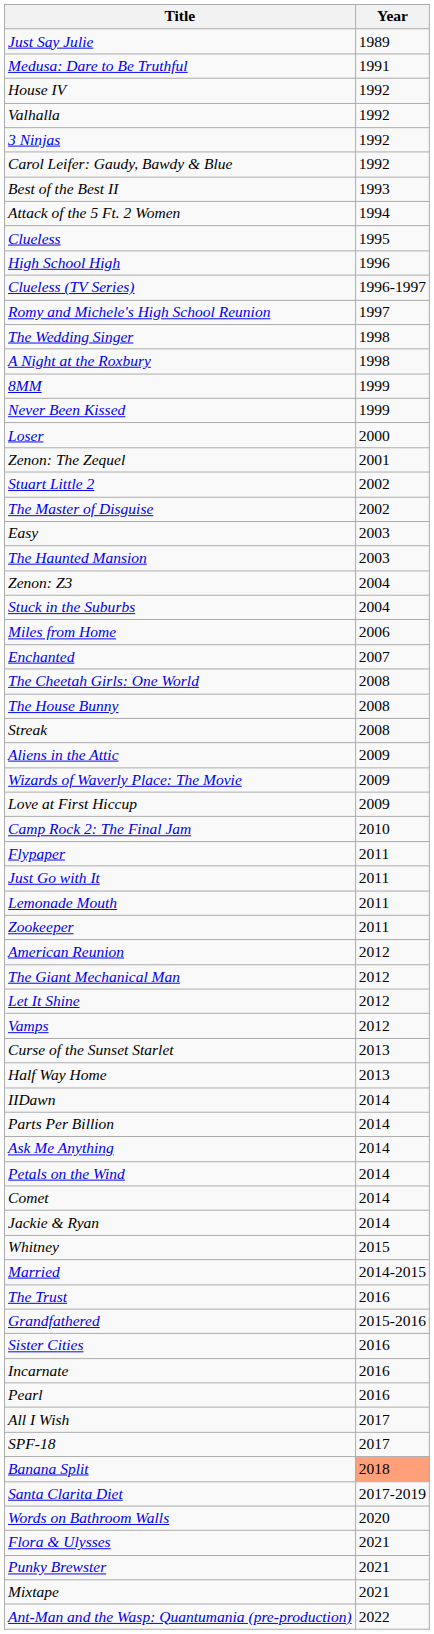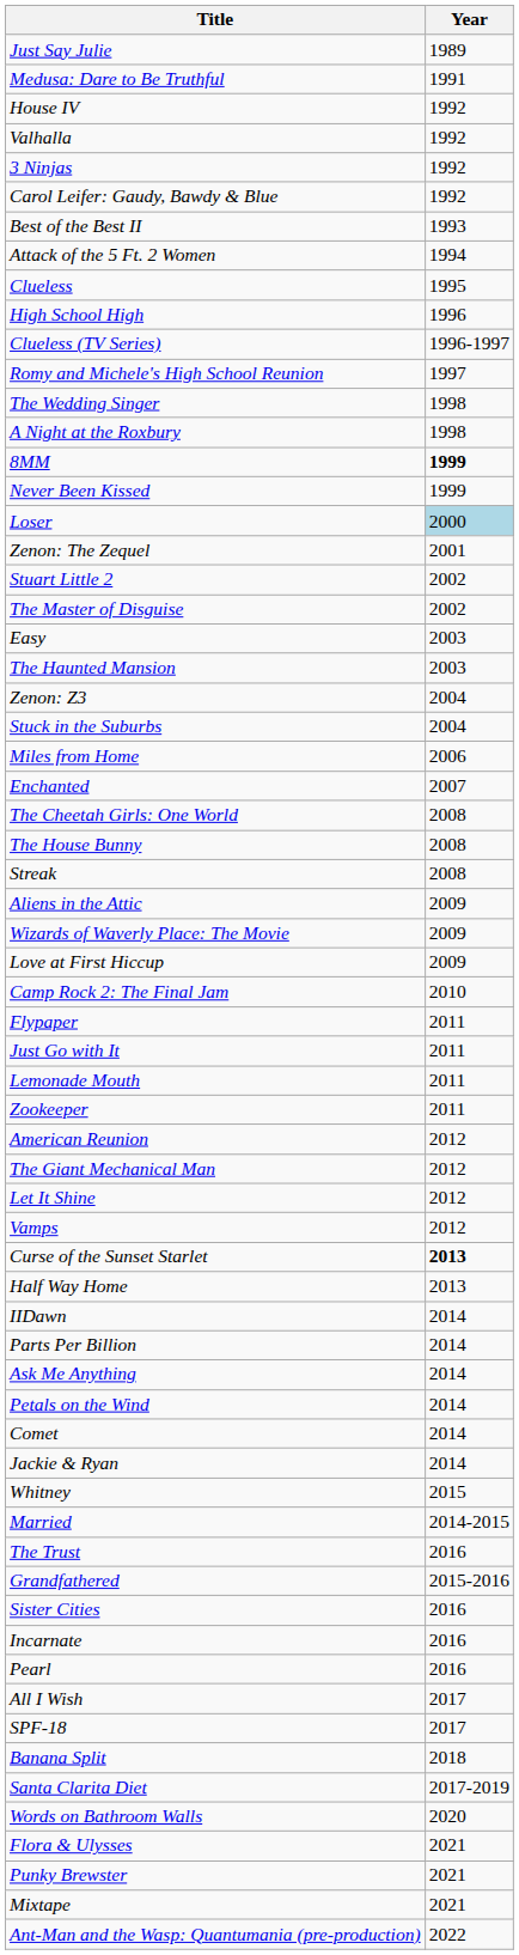 <table class="wikitable">
 <tr>
 <th>Title</th>
 <th>Year</th>
 </tr>
 <tr>
 <td><em><a href='#'>Just Say Julie</a></em></td>
 <td>1989</td>
 </tr>
 <tr>
 <td><em><a href='#'>Medusa: Dare to Be Truthful</a></em></td>
 <td>1991</td>
 </tr>
 <tr>
 <td><em>House IV</em></td>
 <td>1992</td>
 </tr>
 <tr>
 <td><em>Valhalla</em></td>
 <td>1992</td>
 </tr>
 <tr>
 <td><em><a href='#'>3 Ninjas</a></em></td>
 <td>1992</td>
 </tr>
 <tr>
 <td><em>Carol Leifer: Gaudy, Bawdy & Blue</em></td>
 <td>1992</td>
 </tr>
 <tr>
 <td><em>Best of the Best II</em></td>
 <td>1993</td>
 </tr>
 <tr>
 <td><em>Attack of the 5 Ft. 2 Women</em></td>
 <td>1994</td>
 </tr>
 <tr>
 <td><em><a href='#'>Clueless</a></em></td>
 <td>1995</td>
 </tr>
 <tr>
 <td><em><a href='#'>High School High</a></em></td>
 <td>1996</td>
 </tr>
 <tr>
 <td><em><a href='#'>Clueless (TV Series)</a></em></td>
 <td>1996-1997</td>
 </tr>
 <tr>
 <td><em><a href='#'>Romy and Michele's High School Reunion</a></em></td>
 <td>1997</td>
 </tr>
 <tr>
 <td><em><a href='#'>The Wedding Singer</a></em></td>
 <td>1998</td>
 </tr>
 <tr>
 <td><em><a href='#'>A Night at the Roxbury</a></em></td>
 <td>1998</td>
 </tr>
 <tr>
 <td><em><a href='#'>8MM</a></em></td>
-<td>1999</td>
+<td><strong>1999</strong></td>
 </tr>
 <tr>
 <td><em><a href='#'>Never Been Kissed</a></em></td>
 <td>1999</td>
 </tr>
 <tr>
 <td><em><a href='#'>Loser</a></em></td>
-<td>2000</td>
+<td style="background: lightblue;">2000</td>
 </tr>
 <tr>
 <td><em>Zenon: The Zequel</em></td>
 <td>2001</td>
 </tr>
 <tr>
 <td><em><a href='#'>Stuart Little 2</a></em></td>
 <td>2002</td>
 </tr>
 <tr>
 <td><em><a href='#'>The Master of Disguise</a></em></td>
 <td>2002</td>
 </tr>
 <tr>
 <td><em>Easy</em></td>
 <td>2003</td>
 </tr>
 <tr>
 <td><em><a href='#'>The Haunted Mansion</a></em></td>
 <td>2003</td>
 </tr>
 <tr>
 <td><em>Zenon: Z3</em></td>
 <td>2004</td>
 </tr>
 <tr>
 <td><em><a href='#'>Stuck in the Suburbs</a></em></td>
 <td>2004</td>
 </tr>
 <tr>
 <td><em><a href='#'>Miles from Home</a></em></td>
 <td>2006</td>
 </tr>
 <tr>
 <td><em><a href='#'>Enchanted</a></em></td>
 <td>2007</td>
 </tr>
 <tr>
 <td><em><a href='#'>The Cheetah Girls: One World</a></em></td>
 <td>2008</td>
 </tr>
 <tr>
 <td><em><a href='#'>The House Bunny</a></em></td>
 <td>2008</td>
 </tr>
 <tr>
 <td><em>Streak</em></td>
 <td>2008</td>
 </tr>
 <tr>
 <td><em><a href='#'>Aliens in the Attic</a></em></td>
 <td>2009</td>
 </tr>
 <tr>
 <td><em><a href='#'>Wizards of Waverly Place: The Movie</a></em></td>
 <td>2009</td>
 </tr>
 <tr>
 <td><em>Love at First Hiccup</em></td>
 <td>2009</td>
 </tr>
 <tr>
 <td><em><a href='#'>Camp Rock 2: The Final Jam</a></em></td>
 <td>2010</td>
 </tr>
 <tr>
 <td><em><a href='#'>Flypaper</a></em></td>
 <td>2011</td>
 </tr>
 <tr>
 <td><em><a href='#'>Just Go with It</a></em></td>
 <td>2011</td>
 </tr>
 <tr>
 <td><em><a href='#'>Lemonade Mouth</a></em></td>
 <td>2011</td>
 </tr>
 <tr>
 <td><em><a href='#'>Zookeeper</a></em></td>
 <td>2011</td>
 </tr>
 <tr>
 <td><em><a href='#'>American Reunion</a></em></td>
 <td>2012</td>
 </tr>
 <tr>
 <td><em><a href='#'>The Giant Mechanical Man</a></em></td>
 <td>2012</td>
 </tr>
 <tr>
 <td><em><a href='#'>Let It Shine</a></em></td>
 <td>2012</td>
 </tr>
 <tr>
 <td><em><a href='#'>Vamps</a></em></td>
 <td>2012</td>
 </tr>
 <tr>
 <td><em>Curse of the Sunset Starlet</em></td>
-<td>2013</td>
+<td><strong>2013</strong></td>
 </tr>
 <tr>
 <td><em>Half Way Home</em></td>
 <td>2013</td>
 </tr>
 <tr>
 <td><em>IIDawn</em></td>
 <td>2014</td>
 </tr>
 <tr>
 <td><em>Parts Per Billion</em></td>
 <td>2014</td>
 </tr>
 <tr>
 <td><em><a href='#'>Ask Me Anything</a></em></td>
 <td>2014</td>
 </tr>
 <tr>
 <td><em><a href='#'>Petals on the Wind</a></em></td>
 <td>2014</td>
 </tr>
 <tr>
 <td><em>Comet</em></td>
 <td>2014</td>
 </tr>
 <tr>
 <td><em>Jackie & Ryan</em></td>
 <td>2014</td>
 </tr>
 <tr>
 <td><em>Whitney</em></td>
 <td>2015</td>
 </tr>
 <tr>
 <td><a href='#'><em>Married</em></a></td>
 <td>2014-2015</td>
 </tr>
 <tr>
 <td><em><a href='#'>The Trust</a></em></td>
 <td>2016</td>
 </tr>
 <tr>
 <td><em><a href='#'>Grandfathered</a></em></td>
 <td>2015-2016</td>
 </tr>
 <tr>
 <td><em><a href='#'>Sister Cities</a></em></td>
 <td>2016</td>
 </tr>
 <tr>
 <td><em>Incarnate</em></td>
 <td>2016</td>
 </tr>
 <tr>
 <td><em>Pearl</em></td>
 <td>2016</td>
 </tr>
 <tr>
 <td><em>All I Wish</em></td>
 <td>2017</td>
 </tr>
 <tr>
 <td><em>SPF-18</em></td>
 <td>2017</td>
 </tr>
 <tr>
 <td><em><a href='#'>Banana Split</a></em></td>
-<td style="background: lightsalmon;">2018</td>
+<td>2018</td>
 </tr>
 <tr>
 <td><em><a href='#'>Santa Clarita Diet</a></em></td>
 <td>2017-2019</td>
 </tr>
 <tr>
 <td><em><a href='#'>Words on Bathroom Walls</a></em></td>
 <td>2020</td>
 </tr>
 <tr>
 <td><em><a href='#'>Flora & Ulysses</a></em></td>
 <td>2021</td>
 </tr>
 <tr>
 <td><em><a href='#'>Punky Brewster</a></em></td>
 <td>2021</td>
 </tr>
 <tr>
 <td><em>Mixtape</em></td>
 <td>2021</td>
 </tr>
 <tr>
 <td><em><a href='#'>Ant-Man and the Wasp: Quantumania (pre-production)</a></em></td>
 <td>2022</td>
 </tr>
 </table>
